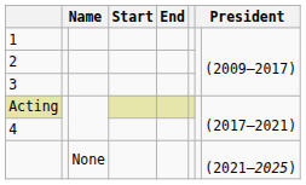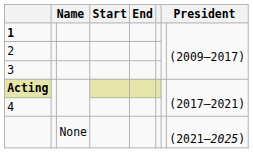 <table class="wikitable sortable">
 <tr>
 <th></th>
 <th colspan=2>Name</th>
 <th>Start</th>
 <th>End</th>
 <th class="unsortable"></th>
 <th colspan=2>President</th>
 </tr>
 <tr>
-<td>1</td>
+<td><strong>1</strong></td>
 <td></td>
 <td></td>
 <td></td>
 <td></td>
 <td></td>
 <td rowspan=3 style="background-color:"></td>
 <td rowspan=3><br>(2009–2017)</td>
 </tr>
 <tr>
 <td>2</td>
 <td></td>
 <td></td>
 <td></td>
 <td></td>
 <td></td>
 </tr>
 <tr>
 <td>3</td>
 <td></td>
 <td></td>
 <td></td>
 <td></td>
 <td></td>
 </tr>
 <tr>
-<td bgcolor="#e6e6aa">Acting</td>
+<td bgcolor="#e6e6aa"><strong>Acting</strong></td>
 <td rowspan=2></td>
 <td rowspan=2></td>
 <td bgcolor="#e6e6aa"></td>
 <td bgcolor="#e6e6aa"></td>
 <td bgcolor="#e6e6aa"></td>
 <td rowspan=2 style="background-color:"></td>
 <td rowspan=2><br>(2017–2021)</td>
 </tr>
 <tr>
 <td>4</td>
 <td></td>
 <td></td>
 <td></td>
 </tr>
 <tr>
 <td></td>
 <td></td>
 <td>None<br></td>
 <td></td>
 <td></td>
 <td></td>
 <td rowspan=2 style="background-color:"></td>
 <td rowspan=2><br>(2021–<em>2025</em>)</td>
 </tr>
 </table>
